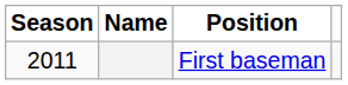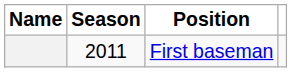 <table class="wikitable sortable plainrowheaders" style="text-align:center">
 <tr>
+<th scope="col" style="background-color:#ffffff; border-top:#">Name</th>
 <th scope="col" style="background-color:#ffffff; border-top:#">Season</th>
-<th scope="col" style="background-color:#ffffff; border-top:#">Name</th>
 <th scope="col" style="background-color:#ffffff; border-top:#">Position</th>
 <th scope="col" class="unsortable" style="background-color:#ffffff; border-top:#"></th>
 </tr>
 <tr>
+<th scope="row" style="text-align:center"></th>
 <td>2011</td>
-<th scope="row" style="text-align:center"></th>
 <td><a href='#'>First baseman</a></td>
 <td></td>
 </tr>
 </table>
